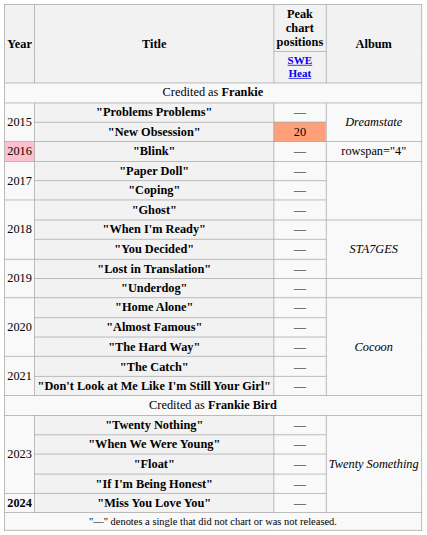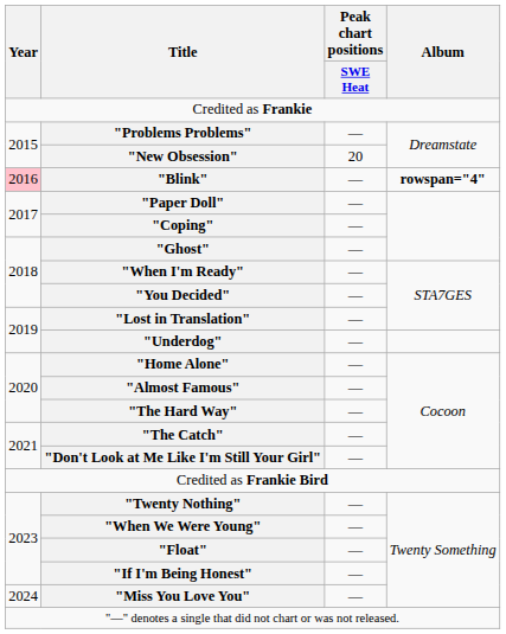 <table class="wikitable plainrowheaders" style="text-align:center;">
 <tr>
 <th scope="col" rowspan="2">Year</th>
 <th scope="col" rowspan="2">Title</th>
 <th scope="col">Peak chart positions</th>
 <th scope="col" rowspan="2">Album</th>
 </tr>
 <tr>
 <th scope="col" style="width:2.5em;font-size:90%;"><a href='#'>SWE<br>Heat</a><br></th>
 </tr>
 <tr>
 <td colspan=15>Credited as <strong>Frankie</strong></td>
 </tr>
 <tr>
 <td rowspan="2">2015</td>
 <th scope="row">"Problems Problems"</th>
 <td>—</td>
 <td rowspan="2"><em>Dreamstate</em></td>
 </tr>
 <tr>
 <th scope="row">"New Obsession"</th>
-<td style="background: lightsalmon;">20</td>
+<td>20</td>
 </tr>
 <tr>
 <td style="background: pink;">2016</td>
 <th scope="row">"Blink"</th>
 <td>—</td>
-<td>rowspan="4" </td>
+<td><strong>rowspan="4" </strong></td>
 </tr>
 <tr>
 <td rowspan="2">2017</td>
 <th scope="row">"Paper Doll"</th>
 <td>—</td>
 </tr>
 <tr>
 <th scope="row">"Coping"</th>
 <td>—</td>
 </tr>
 <tr>
 <td rowspan="3">2018</td>
 <th scope="row">"Ghost"<br></th>
 <td>—</td>
 </tr>
 <tr>
 <th scope="row">"When I'm Ready"</th>
 <td>—</td>
 <td rowspan="3"><em>STA7GES</em></td>
 </tr>
 <tr>
 <th scope="row">"You Decided"</th>
 <td>—</td>
 </tr>
 <tr>
 <td rowspan="2">2019</td>
 <th scope="row">"Lost in Translation"</th>
 <td>—</td>
 </tr>
 <tr>
 <th scope="row">"Underdog"</th>
 <td>—</td>
 <td></td>
 </tr>
 <tr>
 <td rowspan="3">2020</td>
 <th scope="row">"Home Alone"</th>
 <td>—</td>
 <td rowspan="5"><em>Cocoon</em></td>
 </tr>
 <tr>
 <th scope="row">"Almost Famous"</th>
 <td>—</td>
 </tr>
 <tr>
 <th scope="row">"The Hard Way"</th>
 <td>—</td>
 </tr>
 <tr>
 <td rowspan="2">2021</td>
 <th scope="row">"The Catch"</th>
 <td>—</td>
 </tr>
 <tr>
 <th scope="row">"Don't Look at Me Like I'm Still Your Girl"</th>
 <td>—</td>
 </tr>
 <tr>
 <td colspan=15>Credited as <strong>Frankie Bird</strong></td>
 </tr>
 <tr>
 <td rowspan="4">2023</td>
 <th scope="row">"Twenty Nothing"</th>
 <td>—</td>
 <td rowspan="5"><em>Twenty Something</em></td>
 </tr>
 <tr>
 <th scope="row">"When We Were Young"</th>
 <td>—</td>
 </tr>
 <tr>
 <th scope="row">"Float"</th>
 <td>—</td>
 </tr>
 <tr>
 <th scope="row">"If I'm Being Honest"</th>
 <td>—</td>
 </tr>
 <tr>
-<td><strong>2024</strong></td>
+<td>2024</td>
 <th scope="row">"Miss You Love You"</th>
 <td>—</td>
 </tr>
 <tr>
 <td colspan="15" style="font-size:85%">"—" denotes a single that did not chart or was not released.</td>
 </tr>
 </table>
